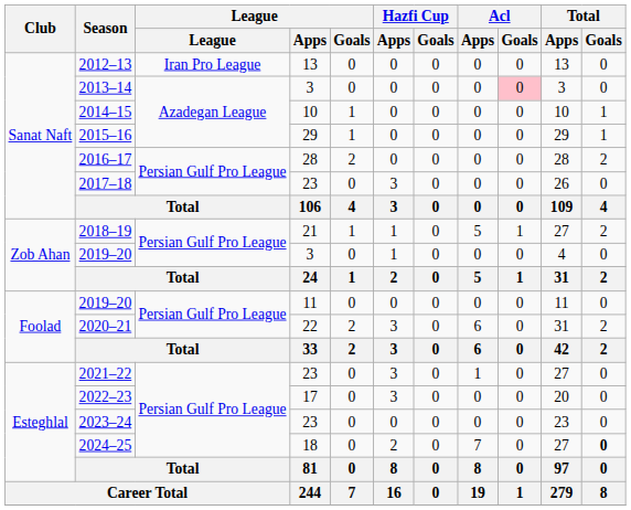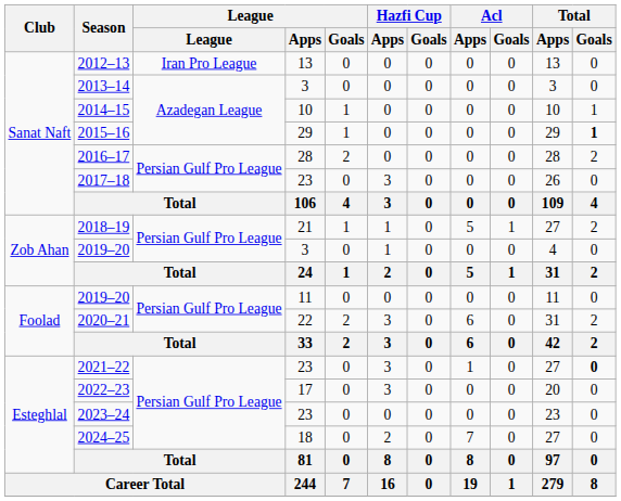 <table class="wikitable"style="text-align:center;">
 <tr>
 <th rowspan=2>Club</th>
 <th rowspan=2>Season</th>
 <th colspan=3>League</th>
 <th colspan="2"><a href='#'>Hazfi Cup</a></th>
 <th colspan="2"><a href='#'>Acl</a></th>
 <th colspan="2">Total</th>
 </tr>
 <tr>
 <th>League</th>
 <th>Apps</th>
 <th>Goals</th>
 <th>Apps</th>
 <th>Goals</th>
 <th>Apps</th>
 <th>Goals</th>
 <th>Apps</th>
 <th>Goals</th>
 </tr>
 <tr>
 <td rowspan="7"><a href='#'>Sanat Naft</a></td>
 <td><a href='#'>2012–13</a></td>
 <td><a href='#'>Iran Pro League</a></td>
 <td>13</td>
 <td>0</td>
 <td>0</td>
 <td>0</td>
 <td>0</td>
 <td>0</td>
 <td>13</td>
 <td>0</td>
 </tr>
 <tr>
 <td><a href='#'>2013–14</a></td>
 <td rowspan="3"><a href='#'>Azadegan League</a></td>
 <td>3</td>
 <td>0</td>
 <td>0</td>
 <td>0</td>
 <td>0</td>
-<td style="background: pink;">0</td>
+<td>0</td>
 <td>3</td>
 <td>0</td>
 </tr>
 <tr>
 <td><a href='#'>2014–15</a></td>
 <td>10</td>
 <td>1</td>
 <td>0</td>
 <td>0</td>
 <td>0</td>
 <td>0</td>
 <td>10</td>
 <td>1</td>
 </tr>
 <tr>
 <td><a href='#'>2015–16</a></td>
 <td>29</td>
 <td>1</td>
 <td>0</td>
 <td>0</td>
 <td>0</td>
 <td>0</td>
 <td>29</td>
-<td>1</td>
+<td><strong>1</strong></td>
 </tr>
 <tr>
 <td><a href='#'>2016–17</a></td>
 <td rowspan="2"><a href='#'>Persian Gulf Pro League</a></td>
 <td>28</td>
 <td>2</td>
 <td>0</td>
 <td>0</td>
 <td>0</td>
 <td>0</td>
 <td>28</td>
 <td>2</td>
 </tr>
 <tr>
 <td><a href='#'>2017–18</a></td>
 <td>23</td>
 <td>0</td>
 <td>3</td>
 <td>0</td>
 <td>0</td>
 <td>0</td>
 <td>26</td>
 <td>0</td>
 </tr>
 <tr>
 <th colspan="2">Total</th>
 <th>106</th>
 <th>4</th>
 <th>3</th>
 <th>0</th>
 <th>0</th>
 <th>0</th>
 <th>109</th>
 <th>4</th>
 </tr>
 <tr>
 <td rowspan="3"><a href='#'>Zob Ahan</a></td>
 <td><a href='#'>2018–19</a></td>
 <td rowspan="2"><a href='#'>Persian Gulf Pro League</a></td>
 <td>21</td>
 <td>1</td>
 <td>1</td>
 <td>0</td>
 <td>5</td>
 <td>1</td>
 <td>27</td>
 <td>2</td>
 </tr>
 <tr>
 <td><a href='#'>2019–20</a></td>
 <td>3</td>
 <td>0</td>
 <td>1</td>
 <td>0</td>
 <td>0</td>
 <td>0</td>
 <td>4</td>
 <td>0</td>
 </tr>
 <tr>
 <th colspan="2">Total</th>
 <th>24</th>
 <th>1</th>
 <th>2</th>
 <th>0</th>
 <th>5</th>
 <th>1</th>
 <th>31</th>
 <th>2</th>
 </tr>
 <tr>
 <td rowspan="3"><a href='#'>Foolad</a></td>
 <td><a href='#'>2019–20</a></td>
 <td rowspan="2"><a href='#'>Persian Gulf Pro League</a></td>
 <td>11</td>
 <td>0</td>
 <td>0</td>
 <td>0</td>
 <td>0</td>
 <td>0</td>
 <td>11</td>
 <td>0</td>
 </tr>
 <tr>
 <td><a href='#'>2020–21</a></td>
 <td>22</td>
 <td>2</td>
 <td>3</td>
 <td>0</td>
 <td>6</td>
 <td>0</td>
 <td>31</td>
 <td>2</td>
 </tr>
 <tr>
 <th colspan="2">Total</th>
 <th>33</th>
 <th>2</th>
 <th>3</th>
 <th>0</th>
 <th>6</th>
 <th>0</th>
 <th>42</th>
 <th>2</th>
 </tr>
 <tr>
 <td rowspan="5"><a href='#'>Esteghlal</a></td>
 <td><a href='#'>2021–22</a></td>
 <td rowspan="4"><a href='#'>Persian Gulf Pro League</a></td>
 <td>23</td>
 <td>0</td>
 <td>3</td>
 <td>0</td>
 <td>1</td>
 <td>0</td>
 <td>27</td>
-<td>0</td>
+<td><strong>0</strong></td>
 </tr>
 <tr>
 <td><a href='#'>2022–23</a></td>
 <td>17</td>
 <td>0</td>
 <td>3</td>
 <td>0</td>
 <td>0</td>
 <td>0</td>
 <td>20</td>
 <td>0</td>
 </tr>
 <tr>
 <td><a href='#'>2023–24</a></td>
 <td>23</td>
 <td>0</td>
 <td>0</td>
 <td>0</td>
 <td>0</td>
 <td>0</td>
 <td>23</td>
 <td>0</td>
 </tr>
 <tr>
 <td><a href='#'>2024–25</a></td>
 <td>18</td>
 <td>0</td>
 <td>2</td>
 <td>0</td>
 <td>7</td>
 <td>0</td>
 <td>27</td>
-<td><strong>0</strong></td>
+<td>0</td>
 </tr>
 <tr>
 <th colspan="2">Total</th>
 <th>81</th>
 <th>0</th>
 <th>8</th>
 <th>0</th>
 <th>8</th>
 <th>0</th>
 <th>97</th>
 <th>0</th>
 </tr>
 <tr>
 <th colspan="3">Career Total</th>
 <th>244</th>
 <th>7</th>
 <th>16</th>
 <th>0</th>
 <th>19</th>
 <th>1</th>
 <th>279</th>
 <th>8</th>
 </tr>
 <tr>
 </tr>
 </table>
